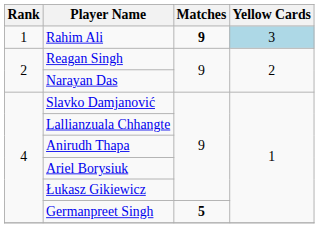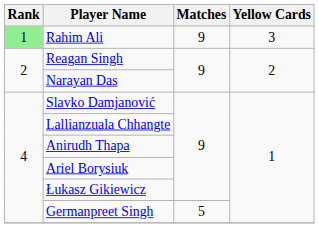 <table class="wikitable" style="text-align: center;">
 <tr>
 <th>Rank</th>
 <th>Player Name</th>
 <th>Matches</th>
 <th>Yellow Cards</th>
 </tr>
 <tr>
-<td>1</td>
+<td style="background: lightgreen;">1</td>
 <td align="left"><a href='#'>Rahim Ali</a></td>
-<td><strong>9</strong></td>
-<td style="background: lightblue;">3</td>
+<td>9</td>
+<td>3</td>
 </tr>
 <tr>
 <td rowspan="2">2</td>
 <td align="left"> <a href='#'>Reagan Singh</a></td>
 <td rowspan="2">9</td>
 <td rowspan="2">2</td>
 </tr>
 <tr>
 <td align="left"><a href='#'>Narayan Das</a></td>
 </tr>
 <tr>
 <td rowspan="6">4</td>
 <td align="left"> <a href='#'>Slavko Damjanović</a></td>
 <td rowspan="5">9</td>
 <td rowspan="6">1</td>
 </tr>
 <tr>
 <td align="left"> <a href='#'>Lallianzuala Chhangte</a></td>
 </tr>
 <tr>
 <td align="left"> <a href='#'>Anirudh Thapa</a></td>
 </tr>
 <tr>
 <td align="left"> <a href='#'>Ariel Borysiuk</a></td>
 </tr>
 <tr>
 <td align="left"> <a href='#'>Łukasz Gikiewicz</a></td>
 </tr>
 <tr>
 <td align="left"> <a href='#'>Germanpreet Singh</a></td>
-<td><strong>5</strong></td>
+<td>5</td>
 </tr>
 <tr>
 </tr>
 </table>
